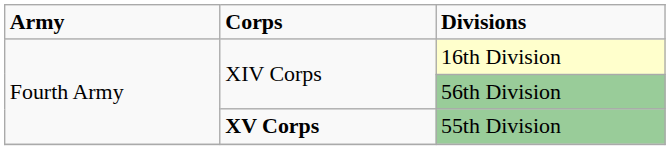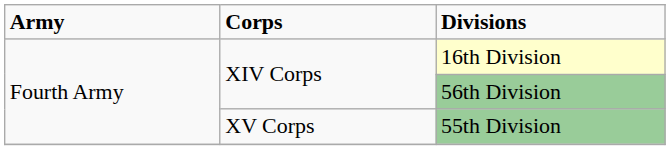 <table class="wikitable">
 <tr>
 <td width="150pt"><strong>Army</strong></td>
 <td width="150pt"><strong>Corps</strong></td>
 <td width="160pt"><strong>Divisions</strong></td>
 </tr>
 <tr>
 <td rowspan="3">Fourth Army</td>
 <td rowspan="2">XIV Corps</td>
 <td style="background:#FFFFCC;">16th Division</td>
 </tr>
 <tr>
 <td style="background:#99CC99">56th Division</td>
 </tr>
 <tr>
-<td><strong>XV Corps</strong></td>
+<td>XV Corps</td>
 <td style="background:#99CC99">55th Division</td>
 </tr>
 <tr>
 </tr>
 </table>
